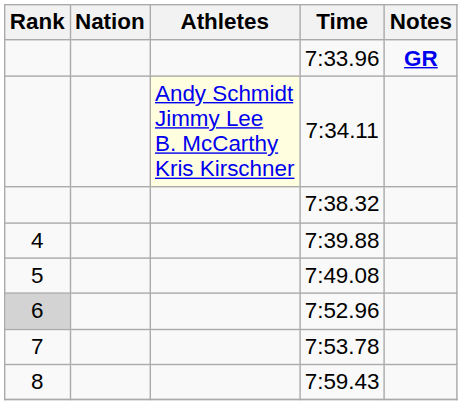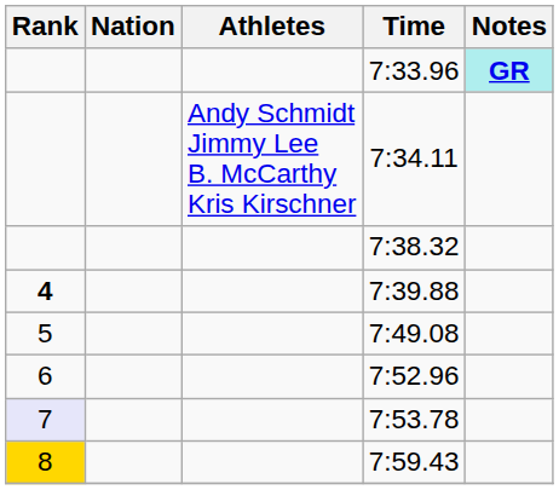 <table class="wikitable sortable" style="text-align:center">
 <tr>
 <th>Rank</th>
 <th>Nation</th>
 <th>Athletes</th>
 <th>Time</th>
 <th>Notes</th>
 </tr>
 <tr>
 <td></td>
 <td align="left"></td>
 <td align="left"></td>
 <td>7:33.96</td>
-<td><strong><a href='#'>GR</a></strong></td>
+<td style="background: paleturquoise;"><strong><a href='#'>GR</a></strong></td>
 </tr>
 <tr>
 <td></td>
 <td align="left"></td>
-<td align="left" style="background: lightyellow;"><a href='#'>Andy Schmidt</a><br><a href='#'>Jimmy Lee</a><br><a href='#'>B. McCarthy</a><br><a href='#'>Kris Kirschner</a></td>
+<td align="left"><a href='#'>Andy Schmidt</a><br><a href='#'>Jimmy Lee</a><br><a href='#'>B. McCarthy</a><br><a href='#'>Kris Kirschner</a></td>
 <td>7:34.11</td>
 <td></td>
 </tr>
 <tr>
 <td></td>
 <td align="left"></td>
 <td align="left"></td>
 <td>7:38.32</td>
 <td></td>
 </tr>
 <tr>
-<td>4</td>
+<td><strong>4</strong></td>
 <td align="left"></td>
 <td align="left"></td>
 <td>7:39.88</td>
 <td></td>
 </tr>
 <tr>
 <td>5</td>
 <td align="left"></td>
 <td align="left"></td>
 <td>7:49.08</td>
 <td></td>
 </tr>
 <tr>
-<td style="background: lightgrey;">6</td>
+<td>6</td>
 <td align="left"></td>
 <td align="left"></td>
 <td>7:52.96</td>
 <td></td>
 </tr>
 <tr>
-<td>7</td>
+<td style="background: lavender;">7</td>
 <td align="left"></td>
 <td align="left"></td>
 <td>7:53.78</td>
 <td></td>
 </tr>
 <tr>
-<td>8</td>
+<td style="background: gold;">8</td>
 <td align="left"></td>
 <td align="left"></td>
 <td>7:59.43</td>
 <td></td>
 </tr>
 <tr>
 </tr>
 </table>
